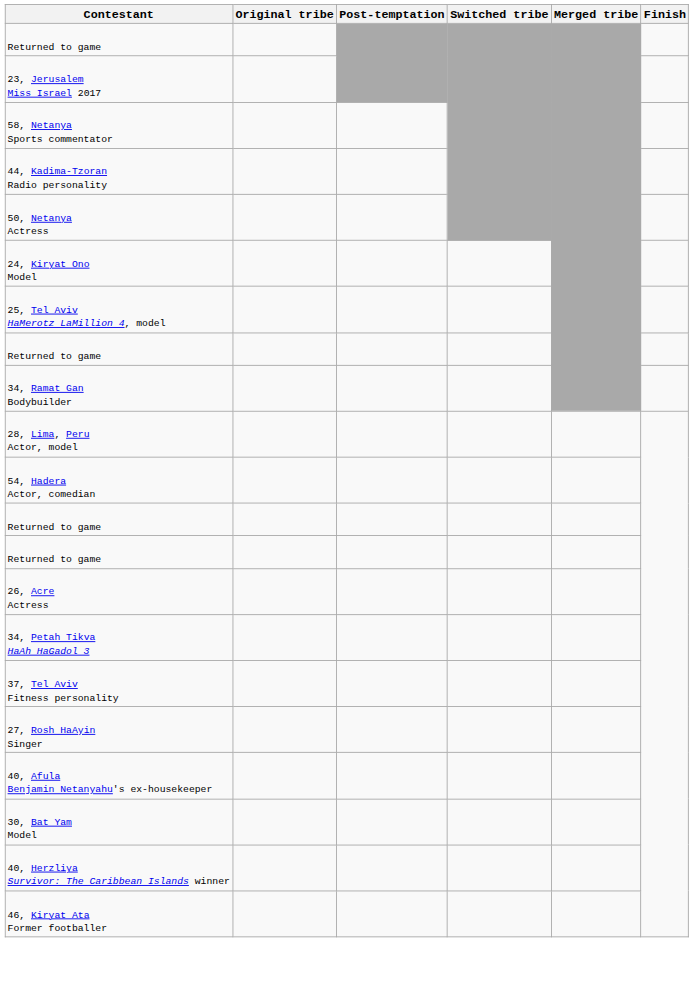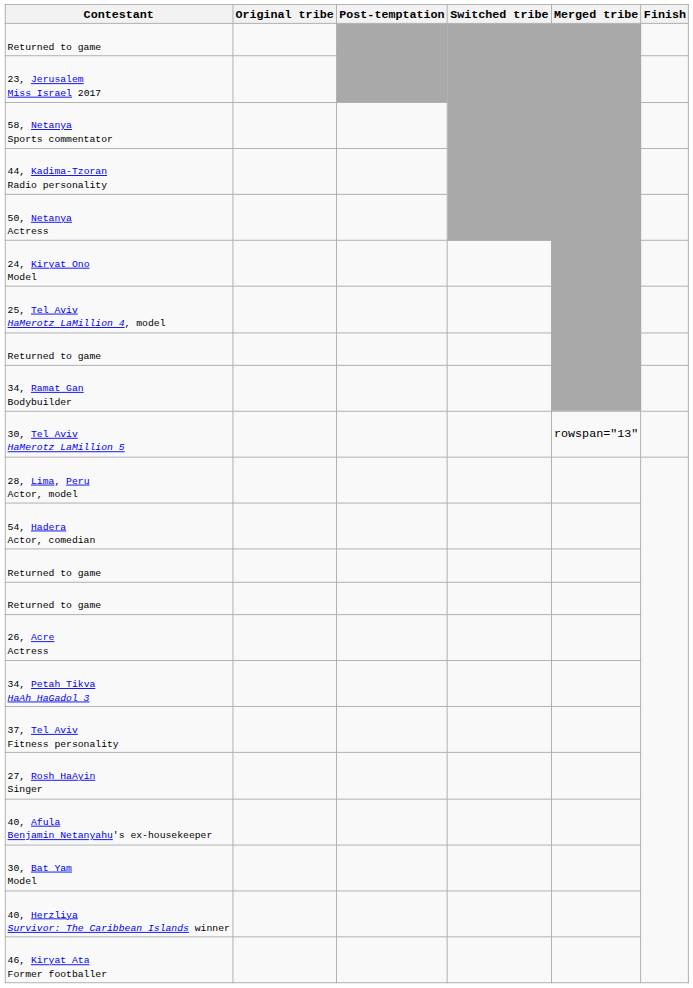 <table class="wikitable sortable nowrap" style="margin:auto; text-align:center">
 <tr>
 <th>Contestant</th>
 <th>Original tribe</th>
 <th>Post-temptation</th>
 <th>Switched tribe</th>
 <th>Merged tribe</th>
 <th>Finish</th>
 </tr>
 <tr>
 <td align="left"><em></em><br><small>Returned to game</small></td>
 <td></td>
 <td rowspan="2" bgcolor="darkgrey"></td>
 <td rowspan="5" bgcolor="darkgrey"></td>
 <td rowspan="9" bgcolor="darkgrey"></td>
 <td></td>
 </tr>
 <tr>
 <td align="left"><strong></strong><br><small>23, <a href='#'>Jerusalem</a><br><a href='#'>Miss Israel</a> 2017</small></td>
 <td></td>
 <td></td>
 </tr>
 <tr>
 <td align="left"><strong></strong><br><small>58, <a href='#'>Netanya</a><br>Sports commentator</small></td>
 <td></td>
 <td></td>
 <td></td>
 </tr>
 <tr>
 <td align="left"><strong></strong><br><small>44, <a href='#'>Kadima-Tzoran</a><br>Radio personality</small></td>
 <td></td>
 <td></td>
 <td></td>
 </tr>
 <tr>
 <td align="left"><strong></strong><br><small>50, <a href='#'>Netanya</a><br>Actress</small></td>
 <td></td>
 <td></td>
 <td></td>
 </tr>
 <tr>
 <td align="left"><strong></strong><br><small>24, <a href='#'>Kiryat Ono</a><br>Model</small></td>
 <td></td>
 <td></td>
 <td></td>
 <td></td>
 </tr>
 <tr>
 <td align="left"><strong></strong><br><small>25, <a href='#'>Tel Aviv</a><br><em><a href='#'>HaMerotz LaMillion 4</a></em>, model</small></td>
 <td></td>
 <td></td>
 <td></td>
 <td></td>
 </tr>
 <tr>
 <td align="left"><em></em><br><small>Returned to game</small></td>
 <td></td>
 <td></td>
 <td></td>
 <td></td>
 </tr>
 <tr>
 <td align="left"><strong></strong><br><small>34, <a href='#'>Ramat Gan</a><br>Bodybuilder</small></td>
 <td></td>
 <td></td>
 <td></td>
+<td></td>
+</tr>
+<tr>
+<td align="left"><strong></strong><br><small>30, <a href='#'>Tel Aviv</a><br><em><a href='#'>HaMerotz LaMillion 5</a></em></small></td>
+<td></td>
+<td></td>
+<td></td>
+<td>rowspan="13" </td>
 <td></td>
 </tr>
 <tr>
 <td align="left"><strong></strong><br><small>28, <a href='#'>Lima</a>, <a href='#'>Peru</a><br>Actor, model</small></td>
 <td></td>
 <td></td>
 <td></td>
 <td></td>
 </tr>
 <tr>
 <td align="left"><strong></strong><br><small>54, <a href='#'>Hadera</a><br>Actor, comedian</small></td>
 <td></td>
 <td></td>
 <td></td>
 <td></td>
 </tr>
 <tr>
 <td align="left"><em></em><br><small>Returned to game</small></td>
 <td></td>
 <td></td>
 <td></td>
 <td></td>
 </tr>
 <tr>
 <td align="left"><em></em><br><small>Returned to game</small></td>
 <td></td>
 <td></td>
 <td></td>
 <td></td>
 </tr>
 <tr>
 <td align="left"><strong></strong><br><small>26, <a href='#'>Acre</a><br>Actress</small></td>
 <td></td>
 <td></td>
 <td></td>
 <td></td>
 </tr>
 <tr>
 <td align="left"><strong></strong><br><small>34, <a href='#'>Petah Tikva</a><br><em><a href='#'>HaAh HaGadol 3</a></em></small></td>
 <td></td>
 <td></td>
 <td></td>
 <td></td>
 </tr>
 <tr>
 <td align="left"><strong></strong><br><small>37, <a href='#'>Tel Aviv</a><br>Fitness personality</small></td>
 <td></td>
 <td></td>
 <td></td>
 <td></td>
 </tr>
 <tr>
 <td align="left"><strong></strong><br><small>27, <a href='#'>Rosh HaAyin</a><br>Singer</small></td>
 <td></td>
 <td></td>
 <td></td>
 <td></td>
 </tr>
 <tr>
 <td align="left"><strong></strong><br><small>40, <a href='#'>Afula</a><br><a href='#'>Benjamin Netanyahu</a>'s ex-housekeeper</small></td>
 <td></td>
 <td></td>
 <td></td>
 <td></td>
 </tr>
 <tr>
 <td align="left"><strong></strong><br><small>30, <a href='#'>Bat Yam</a><br>Model</small></td>
 <td></td>
 <td></td>
 <td></td>
 <td></td>
 </tr>
 <tr>
 <td align="left"><strong></strong><br><small>40, <a href='#'>Herzliya</a><br><em><a href='#'>Survivor: The Caribbean Islands</a></em> winner</small></td>
 <td></td>
 <td></td>
 <td></td>
 <td></td>
 </tr>
 <tr>
 <td align="left"><strong></strong><br><small>46, <a href='#'>Kiryat Ata</a><br>Former footballer</small></td>
 <td></td>
 <td></td>
 <td></td>
 <td></td>
 </tr>
 </table>
